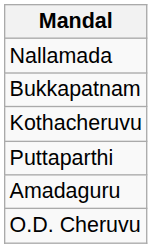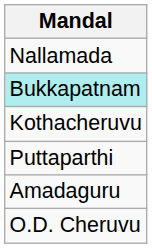 <table class="wikitable sortable static-row-numbers static-row-header-hash">
 <tr>
 <th>Mandal</th>
 </tr>
 <tr>
 <td>Nallamada</td>
 </tr>
 <tr>
-<td>Bukkapatnam</td>
+<td style="background: paleturquoise;">Bukkapatnam</td>
 </tr>
 <tr>
 <td>Kothacheruvu</td>
 </tr>
 <tr>
 <td>Puttaparthi</td>
 </tr>
 <tr>
 <td>Amadaguru</td>
 </tr>
 <tr>
 <td>O.D. Cheruvu</td>
 </tr>
 </table>
